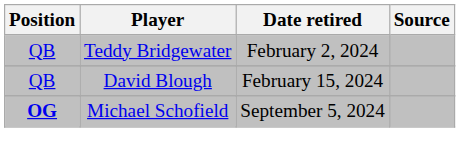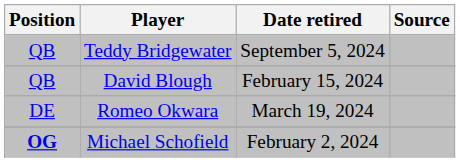 <table class="wikitable" style="text-align:center">
 <tr>
 <th>Position</th>
 <th>Player</th>
 <th>Date retired</th>
 <th>Source</th>
 </tr>
 <tr bgcolor=silver>
 <td><a href='#'>QB</a></td>
 <td><a href='#'>Teddy Bridgewater</a></td>
-<td>February 2, 2024</td>
+<td>September 5, 2024</td>
 <td></td>
 </tr>
 <tr>
 </tr>
 <tr bgcolor=silver>
 <td><a href='#'>QB</a></td>
 <td><a href='#'>David Blough</a></td>
 <td>February 15, 2024</td>
 <td></td>
 </tr>
 <tr>
 </tr>
+<tr bgcolor=silver>
+<td><a href='#'>DE</a></td>
+<td><a href='#'>Romeo Okwara</a></td>
+<td>March 19, 2024</td>
+<td></td>
+</tr>
 <tr>
 </tr>
 <tr bgcolor=silver>
 <td><strong><a href='#'>OG</a></strong></td>
 <td><a href='#'>Michael Schofield</a></td>
-<td>September 5, 2024</td>
+<td>February 2, 2024</td>
 <td></td>
 </tr>
 </table>
